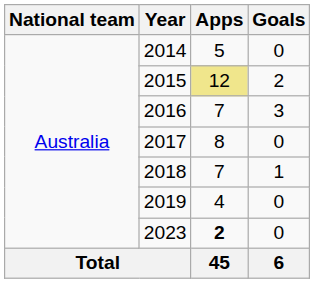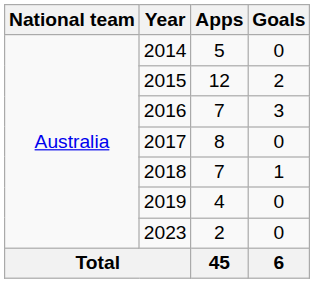 <table class="wikitable" style="text-align:center">
 <tr>
 <th>National team</th>
 <th>Year</th>
 <th>Apps</th>
 <th>Goals</th>
 </tr>
 <tr>
 <td rowspan="7"><a href='#'>Australia</a></td>
 <td>2014</td>
 <td>5</td>
 <td>0</td>
 </tr>
 <tr>
 <td>2015</td>
-<td style="background: khaki;">12</td>
+<td>12</td>
 <td>2</td>
 </tr>
 <tr>
 <td>2016</td>
 <td>7</td>
 <td>3</td>
 </tr>
 <tr>
 <td>2017</td>
 <td>8</td>
 <td>0</td>
 </tr>
 <tr>
 <td>2018</td>
 <td>7</td>
 <td>1</td>
 </tr>
 <tr>
 <td>2019</td>
 <td>4</td>
 <td>0</td>
 </tr>
 <tr>
 <td>2023</td>
-<td><strong>2</strong></td>
+<td>2</td>
 <td>0</td>
 </tr>
 <tr>
 <th colspan="2">Total</th>
 <th>45</th>
 <th>6</th>
 </tr>
 </table>
